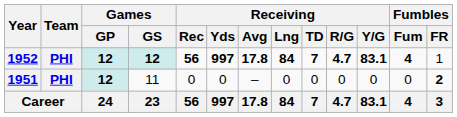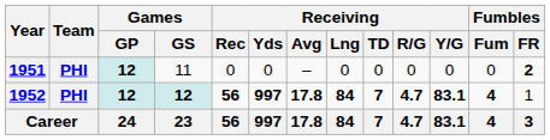 <table class=wikitable style="text-align:center;">
 <tr>
 <th rowspan="2">Year</th>
 <th rowspan="2">Team</th>
 <th colspan="2">Games</th>
 <th colspan="7">Receiving</th>
 <th colspan="2">Fumbles</th>
 </tr>
 <tr>
 <th>GP</th>
 <th>GS</th>
 <th>Rec</th>
 <th>Yds</th>
 <th>Avg</th>
 <th>Lng</th>
 <th>TD</th>
 <th>R/G</th>
 <th>Y/G</th>
 <th>Fum</th>
 <th>FR</th>
 </tr>
 <tr>
+<th><a href='#'>1951</a></th>
+<th><a href='#'>PHI</a></th>
+<td style="background:#cfecec; width:3em;"><strong>12</strong></td>
+<td>11</td>
+<td>0</td>
+<td>0</td>
+<td>–</td>
+<td>0</td>
+<td>0</td>
+<td>0</td>
+<td>0</td>
+<td>0</td>
+<td><strong>2</strong></td>
+</tr>
+<tr>
 <th><a href='#'>1952</a></th>
 <th><a href='#'>PHI</a></th>
 <td style="background:#cfecec; width:3em;"><strong>12</strong></td>
 <td style="background:#cfecec; width:3em;"><strong>12</strong></td>
 <td><strong>56</strong></td>
 <td><strong>997</strong></td>
 <td><strong>17.8</strong></td>
 <td><strong>84</strong></td>
 <td><strong>7</strong></td>
 <td><strong>4.7</strong></td>
 <td><strong>83.1</strong></td>
 <td><strong>4</strong></td>
 <td>1</td>
-</tr>
-<tr>
-<th><a href='#'>1951</a></th>
-<th><a href='#'>PHI</a></th>
-<td style="background:#cfecec; width:3em;"><strong>12</strong></td>
-<td>11</td>
-<td>0</td>
-<td>0</td>
-<td>–</td>
-<td>0</td>
-<td>0</td>
-<td>0</td>
-<td>0</td>
-<td>0</td>
-<td><strong>2</strong></td>
 </tr>
 <tr>
 <th colspan="2">Career</th>
 <th>24</th>
 <th>23</th>
 <th>56</th>
 <th>997</th>
 <th>17.8</th>
 <th>84</th>
 <th>7</th>
 <th>4.7</th>
 <th>83.1</th>
 <th>4</th>
 <th>3</th>
 </tr>
 </table>
